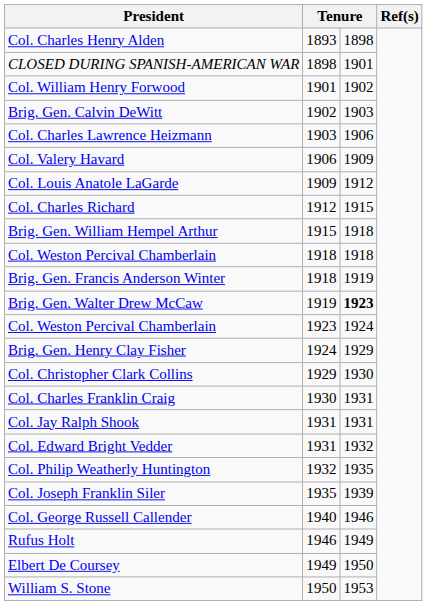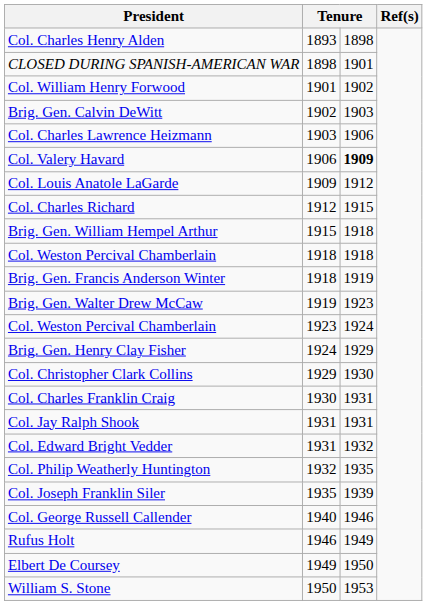 <table class="wikitable sortable" border="1">
 <tr>
 <th>President</th>
 <th colspan="2">Tenure</th>
 <th>Ref(s)</th>
 </tr>
 <tr>
 <td><a href='#'>Col. Charles Henry Alden</a></td>
 <td>1893</td>
 <td>1898</td>
 <td rowspan="24"></td>
 </tr>
 <tr>
 <td><em>CLOSED DURING SPANISH-AMERICAN WAR</em></td>
 <td>1898</td>
 <td>1901</td>
 </tr>
 <tr>
 <td><a href='#'>Col. William Henry Forwood</a></td>
 <td>1901</td>
 <td>1902</td>
 </tr>
 <tr>
 <td><a href='#'>Brig. Gen. Calvin DeWitt</a></td>
 <td>1902</td>
 <td>1903</td>
 </tr>
 <tr>
 <td><a href='#'>Col. Charles Lawrence Heizmann</a></td>
 <td>1903</td>
 <td>1906</td>
 </tr>
 <tr>
 <td><a href='#'>Col. Valery Havard</a></td>
 <td>1906</td>
-<td>1909</td>
+<td><strong>1909</strong></td>
 </tr>
 <tr>
 <td><a href='#'>Col. Louis Anatole LaGarde</a></td>
 <td>1909</td>
 <td>1912</td>
 </tr>
 <tr>
 <td><a href='#'>Col. Charles Richard</a></td>
 <td>1912</td>
 <td>1915</td>
 </tr>
 <tr>
 <td><a href='#'>Brig. Gen. William Hempel Arthur</a></td>
 <td>1915</td>
 <td>1918</td>
 </tr>
 <tr>
 <td><a href='#'>Col. Weston Percival Chamberlain</a></td>
 <td>1918</td>
 <td>1918</td>
 </tr>
 <tr>
 <td><a href='#'>Brig. Gen. Francis Anderson Winter</a></td>
 <td>1918</td>
 <td>1919</td>
 </tr>
 <tr>
 <td><a href='#'>Brig. Gen. Walter Drew McCaw</a></td>
 <td>1919</td>
-<td><strong>1923</strong></td>
+<td>1923</td>
 </tr>
 <tr>
 <td><a href='#'>Col. Weston Percival Chamberlain</a></td>
 <td>1923</td>
 <td>1924</td>
 </tr>
 <tr>
 <td><a href='#'>Brig. Gen. Henry Clay Fisher</a></td>
 <td>1924</td>
 <td>1929</td>
 </tr>
 <tr>
 <td><a href='#'>Col. Christopher Clark Collins</a></td>
 <td>1929</td>
 <td>1930</td>
 </tr>
 <tr>
 <td><a href='#'>Col. Charles Franklin Craig</a></td>
 <td>1930</td>
 <td>1931</td>
 </tr>
 <tr>
 <td><a href='#'>Col. Jay Ralph Shook</a></td>
 <td>1931</td>
 <td>1931</td>
 </tr>
 <tr>
 <td><a href='#'>Col. Edward Bright Vedder</a></td>
 <td>1931</td>
 <td>1932</td>
 </tr>
 <tr>
 <td><a href='#'>Col. Philip Weatherly Huntington</a></td>
 <td>1932</td>
 <td>1935</td>
 </tr>
 <tr>
 <td><a href='#'>Col. Joseph Franklin Siler</a></td>
 <td>1935</td>
 <td>1939</td>
 </tr>
 <tr>
 <td><a href='#'>Col. George Russell Callender</a></td>
 <td>1940</td>
 <td>1946</td>
 </tr>
 <tr>
 <td><a href='#'>Rufus Holt</a></td>
 <td>1946</td>
 <td>1949</td>
 </tr>
 <tr>
 <td><a href='#'>Elbert De Coursey</a></td>
 <td>1949</td>
 <td>1950</td>
 </tr>
 <tr>
 <td><a href='#'>William S. Stone</a></td>
 <td>1950</td>
 <td>1953</td>
 </tr>
 </table>
